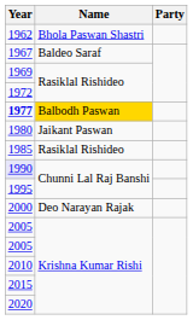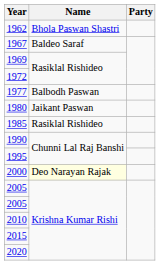 <table class="wikitable sortable">
 <tr>
 <th>Year</th>
 <th>Name</th>
 <th colspan="2">Party</th>
 </tr>
 <tr>
 <td><a href='#'>1962</a></td>
 <td><a href='#'>Bhola Paswan Shastri</a></td>
 <td></td>
 </tr>
 <tr>
 <td><a href='#'>1967</a></td>
 <td>Baldeo Saraf</td>
 </tr>
 <tr>
 <td><a href='#'>1969</a></td>
 <td rowspan="2">Rasiklal Rishideo</td>
 </tr>
 <tr>
 <td><a href='#'>1972</a></td>
 </tr>
 <tr>
-<td><strong><a href='#'>1977</a></strong></td>
-<td style="background: gold;">Balbodh Paswan</td>
+<td><a href='#'>1977</a></td>
+<td>Balbodh Paswan</td>
 <td></td>
 </tr>
 <tr>
 <td><a href='#'>1980</a></td>
 <td>Jaikant Paswan</td>
 <td></td>
 </tr>
 <tr>
 <td><a href='#'>1985</a></td>
 <td>Rasiklal Rishideo</td>
 <td></td>
 </tr>
 <tr>
-<td style="background: lavender;"><a href='#'>1990</a></td>
+<td><a href='#'>1990</a></td>
 <td rowspan="2">Chunni Lal Raj Banshi</td>
 <td></td>
 </tr>
 <tr>
 <td><a href='#'>1995</a></td>
 <td></td>
 </tr>
 <tr>
 <td><a href='#'>2000</a></td>
-<td>Deo Narayan Rajak</td>
+<td style="background: lightyellow;">Deo Narayan Rajak</td>
 <td></td>
 </tr>
 <tr>
 <td><a href='#'>2005</a></td>
 <td rowspan="5"><a href='#'>Krishna Kumar Rishi</a></td>
 </tr>
 <tr>
 <td><a href='#'>2005</a></td>
 </tr>
 <tr>
 <td><a href='#'>2010</a></td>
 </tr>
 <tr>
 <td><a href='#'>2015</a></td>
 </tr>
 <tr>
 <td><a href='#'>2020</a></td>
 </tr>
 </table>
